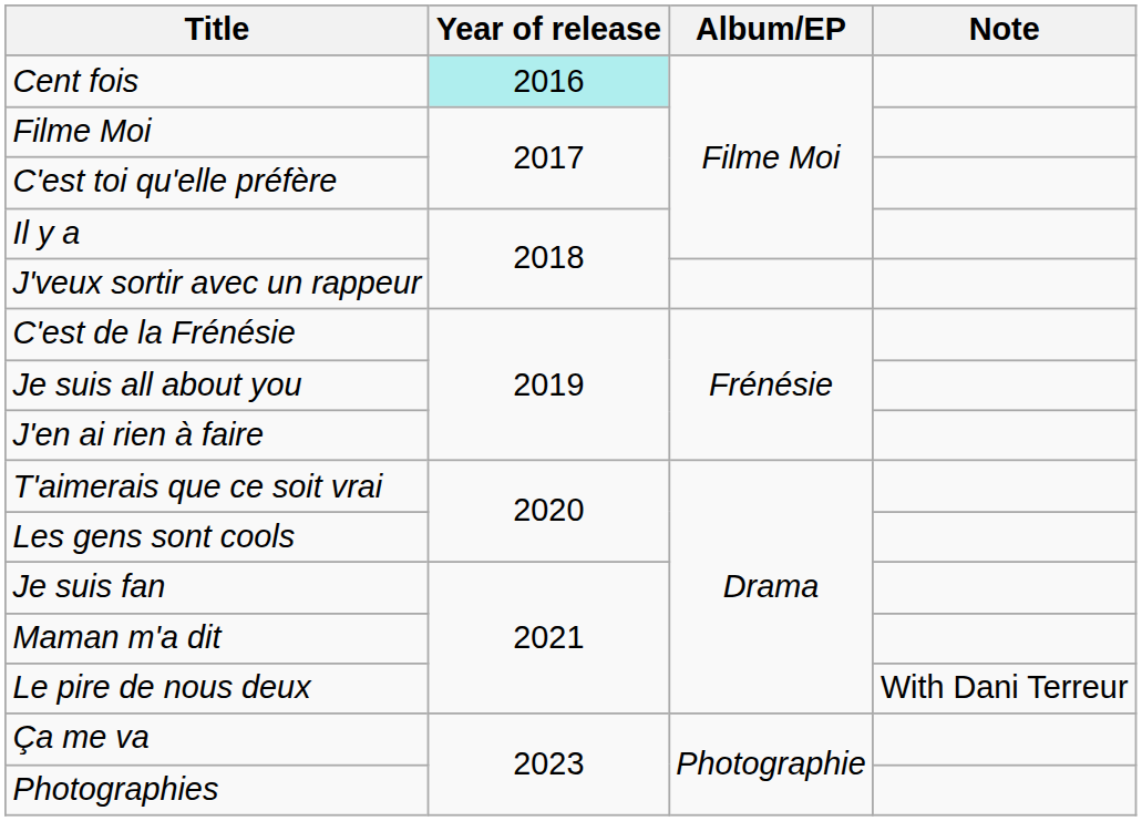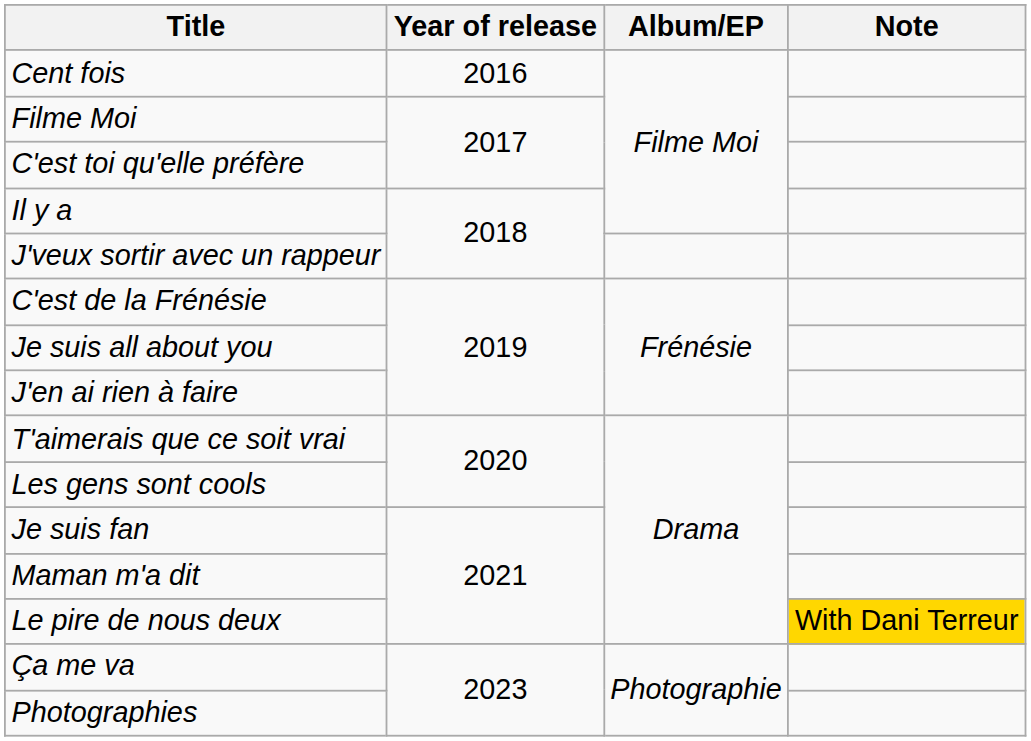 <table class="wikitable">
 <tr>
 <th>Title</th>
 <th>Year of release</th>
 <th>Album/EP</th>
 <th>Note</th>
 </tr>
 <tr>
 <td><em>Cent fois</em></td>
-<td align="center" style="background: paleturquoise;">2016</td>
+<td align="center">2016</td>
 <td rowspan="4" align="center"><em>Filme Moi</em></td>
 <td></td>
 </tr>
 <tr>
 <td><em>Filme Moi</em></td>
 <td rowspan="2" align="center">2017</td>
 <td></td>
 </tr>
 <tr>
 <td><em>C'est toi qu'elle préfère</em></td>
 <td></td>
 </tr>
 <tr>
 <td><em>Il y a</em></td>
 <td rowspan="2" align="center">2018</td>
 <td></td>
 </tr>
 <tr>
 <td><em>J'veux sortir avec un rappeur</em></td>
 <td></td>
 <td></td>
 </tr>
 <tr>
 <td><em>C'est de la Frénésie</em></td>
 <td rowspan="3" align="center">2019</td>
 <td rowspan="3" align="center"><em>Frénésie</em></td>
 <td></td>
 </tr>
 <tr>
 <td><em>Je suis all about you</em></td>
 <td></td>
 </tr>
 <tr>
 <td><em>J'en ai rien à faire</em></td>
 <td></td>
 </tr>
 <tr>
 <td><em>T'aimerais que ce soit vrai</em></td>
 <td rowspan="2" align="center">2020</td>
 <td rowspan="5" align="center"><em>Drama</em></td>
 <td></td>
 </tr>
 <tr>
 <td><em>Les gens sont cools</em></td>
 <td></td>
 </tr>
 <tr>
 <td><em>Je suis fan</em></td>
 <td rowspan="3" align="center">2021</td>
 <td></td>
 </tr>
 <tr>
 <td><em>Maman m'a dit</em></td>
 <td></td>
 </tr>
 <tr>
 <td><em>Le pire de nous deux</em></td>
-<td>With Dani Terreur</td>
+<td style="background: gold;">With Dani Terreur</td>
 </tr>
 <tr>
 <td><em>Ça me va</em></td>
 <td rowspan="2" align="center">2023</td>
 <td rowspan="2" align="center"><em>Photographie</em></td>
 <td></td>
 </tr>
 <tr>
 <td><em>Photographies</em></td>
 <td></td>
 </tr>
 </table>
